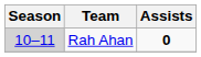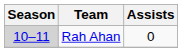 <table class="wikitable" style="text-align: center;">
 <tr>
 <th>Season</th>
 <th>Team</th>
 <th>Assists</th>
 </tr>
 <tr>
 <td style="background: lightgrey;"><a href='#'>10–11</a></td>
 <td align="left"><a href='#'>Rah Ahan</a></td>
-<td><strong>0</strong></td>
+<td>0</td>
 </tr>
 <tr>
 </tr>
 </table>
